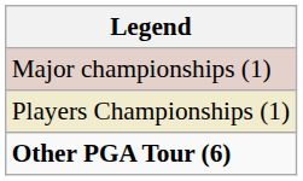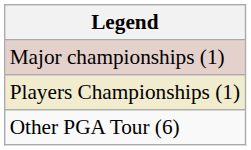 <table class="wikitable" style="font-size:95%;">
 <tr>
 <th>Legend</th>
 </tr>
 <tr style="background:#e5d1cb;">
 <td>Major championships (1)</td>
 </tr>
 <tr style="background:#f2ecce;">
 <td>Players Championships (1)</td>
 </tr>
 <tr>
-<td><strong>Other PGA Tour (6)</strong></td>
+<td>Other PGA Tour (6)</td>
 </tr>
 </table>
